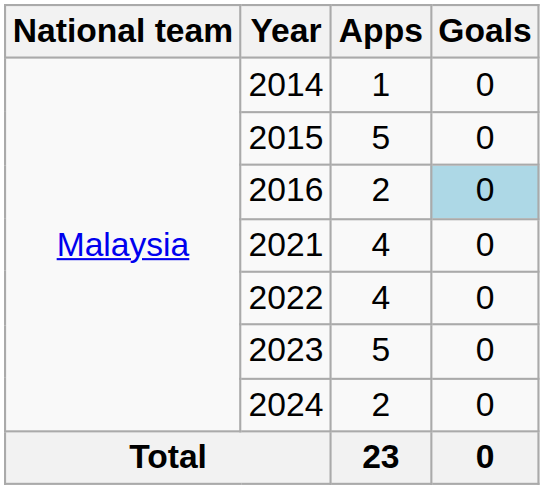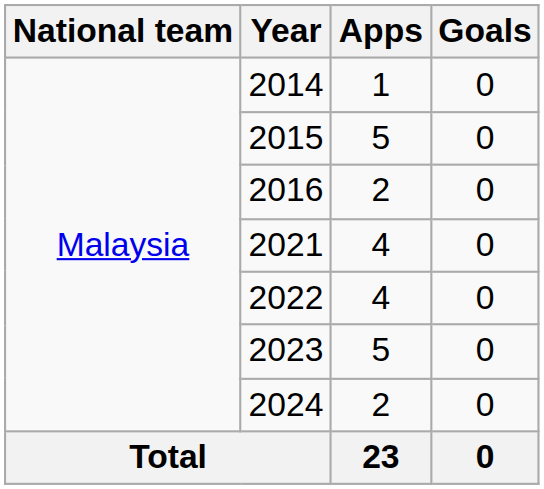 <table class=wikitable style="text-align: center;">
 <tr>
 <th>National team</th>
 <th>Year</th>
 <th>Apps</th>
 <th>Goals</th>
 </tr>
 <tr>
 <td rowspan="7"><a href='#'>Malaysia</a></td>
 <td>2014</td>
 <td>1</td>
 <td>0</td>
 </tr>
 <tr>
 <td>2015</td>
 <td>5</td>
 <td>0</td>
 </tr>
 <tr>
 <td>2016</td>
 <td>2</td>
-<td style="background: lightblue;">0</td>
+<td>0</td>
 </tr>
 <tr>
 <td>2021</td>
 <td>4</td>
 <td>0</td>
 </tr>
 <tr>
 <td>2022</td>
 <td>4</td>
 <td>0</td>
 </tr>
 <tr>
 <td>2023</td>
 <td>5</td>
 <td>0</td>
 </tr>
 <tr>
 <td>2024</td>
 <td>2</td>
 <td>0</td>
 </tr>
 <tr>
 <th colspan="2">Total</th>
 <th>23</th>
 <th>0</th>
 </tr>
 </table>
